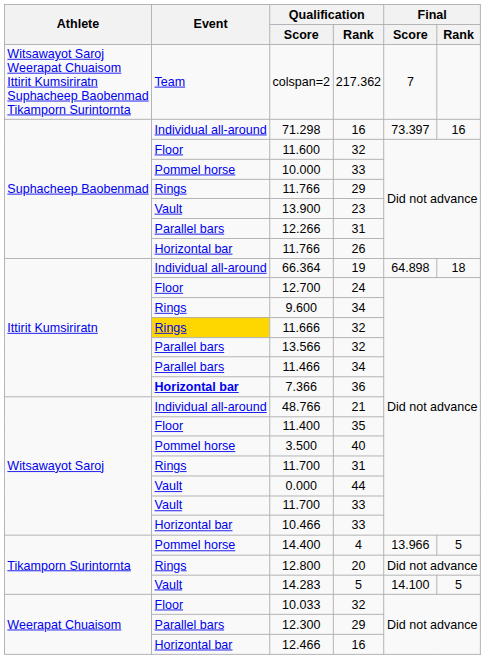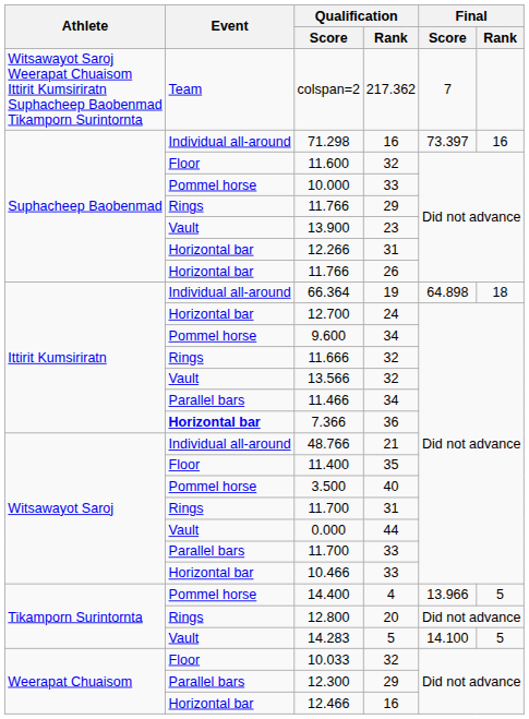 <table class="wikitable" style="text-align:center; font-size:90%">
 <tr>
 <th rowspan="2">Athlete</th>
 <th rowspan="2">Event</th>
 <th colspan="2">Qualification</th>
 <th colspan="2">Final</th>
 </tr>
 <tr>
 <th>Score</th>
 <th>Rank</th>
 <th>Score</th>
 <th>Rank</th>
 </tr>
 <tr>
 <td align="left"><a href='#'>Witsawayot Saroj</a><br><a href='#'>Weerapat Chuaisom</a><br><a href='#'>Ittirit Kumsiriratn</a><br><a href='#'>Suphacheep Baobenmad</a><br><a href='#'>Tikamporn Surintornta</a></td>
 <td align="left"><a href='#'>Team</a></td>
 <td>colspan=2 </td>
 <td>217.362</td>
 <td>7</td>
 </tr>
 <tr>
 <td align="left" rowspan=7><a href='#'>Suphacheep Baobenmad</a></td>
 <td align="left"><a href='#'>Individual all-around</a></td>
 <td>71.298</td>
 <td>16 <strong></strong></td>
 <td>73.397</td>
 <td>16</td>
 </tr>
 <tr>
 <td align="left"><a href='#'>Floor</a></td>
 <td>11.600</td>
 <td>32</td>
 <td rowspan=6 colspan=2>Did not advance</td>
 </tr>
 <tr>
 <td align="left"><a href='#'>Pommel horse</a></td>
 <td>10.000</td>
 <td>33</td>
 </tr>
 <tr>
 <td align="left"><a href='#'>Rings</a></td>
 <td>11.766</td>
 <td>29</td>
 </tr>
 <tr>
 <td align="left"><a href='#'>Vault</a></td>
 <td>13.900</td>
 <td>23</td>
 </tr>
 <tr>
-<td align="left"><a href='#'>Parallel bars</a></td>
+<td align="left"><a href='#'>Horizontal bar</a></td>
 <td>12.266</td>
 <td>31</td>
 </tr>
 <tr>
 <td align="left"><a href='#'>Horizontal bar</a></td>
 <td>11.766</td>
 <td>26</td>
 </tr>
 <tr>
 <td align="left" rowspan=7><a href='#'>Ittirit Kumsiriratn</a></td>
 <td align="left"><a href='#'>Individual all-around</a></td>
 <td>66.364</td>
 <td>19 <strong></strong></td>
 <td>64.898</td>
 <td>18</td>
 </tr>
 <tr>
-<td align="left"><a href='#'>Floor</a></td>
+<td align="left"><a href='#'>Horizontal bar</a></td>
 <td>12.700</td>
 <td>24</td>
 <td rowspan=13 colspan=2>Did not advance</td>
 </tr>
 <tr>
-<td align="left"><a href='#'>Rings</a></td>
+<td align="left"><a href='#'>Pommel horse</a></td>
 <td>9.600</td>
 <td>34</td>
 </tr>
 <tr>
-<td align="left" style="background: gold;"><a href='#'>Rings</a></td>
+<td align="left"><a href='#'>Rings</a></td>
 <td>11.666</td>
 <td>32</td>
 </tr>
 <tr>
-<td align="left"><a href='#'>Parallel bars</a></td>
+<td align="left"><a href='#'>Vault</a></td>
 <td>13.566</td>
 <td>32</td>
 </tr>
 <tr>
 <td align="left"><a href='#'>Parallel bars</a></td>
 <td>11.466</td>
 <td>34</td>
 </tr>
 <tr>
 <td align="left"><strong><a href='#'>Horizontal bar</a></strong></td>
 <td>7.366</td>
 <td>36</td>
 </tr>
 <tr>
 <td align="left" rowspan=7><a href='#'>Witsawayot Saroj</a></td>
 <td align="left"><a href='#'>Individual all-around</a></td>
 <td>48.766</td>
 <td>21</td>
 </tr>
 <tr>
 <td align="left"><a href='#'>Floor</a></td>
 <td>11.400</td>
 <td>35</td>
 </tr>
 <tr>
 <td align="left"><a href='#'>Pommel horse</a></td>
 <td>3.500</td>
 <td>40</td>
 </tr>
 <tr>
 <td align="left"><a href='#'>Rings</a></td>
 <td>11.700</td>
 <td>31</td>
 </tr>
 <tr>
 <td align="left"><a href='#'>Vault</a></td>
 <td>0.000</td>
 <td>44</td>
 </tr>
 <tr>
-<td align="left"><a href='#'>Vault</a></td>
+<td align="left"><a href='#'>Parallel bars</a></td>
 <td>11.700</td>
 <td>33</td>
 </tr>
 <tr>
 <td align="left"><a href='#'>Horizontal bar</a></td>
 <td>10.466</td>
 <td>33</td>
 </tr>
 <tr>
 <td align="left" rowspan=3><a href='#'>Tikamporn Surintornta</a></td>
 <td align="left"><a href='#'>Pommel horse</a></td>
 <td>14.400</td>
 <td>4 <strong></strong></td>
 <td>13.966</td>
 <td>5</td>
 </tr>
 <tr>
 <td align="left"><a href='#'>Rings</a></td>
 <td>12.800</td>
 <td>20</td>
 <td colspan=2>Did not advance</td>
 </tr>
 <tr>
 <td align="left"><a href='#'>Vault</a></td>
 <td>14.283</td>
 <td>5 <strong></strong></td>
 <td>14.100</td>
 <td>5</td>
 </tr>
 <tr>
 <td align="left" rowspan=3><a href='#'>Weerapat Chuaisom</a></td>
 <td align="left"><a href='#'>Floor</a></td>
 <td>10.033</td>
 <td>32</td>
 <td rowspan=3 colspan=2>Did not advance</td>
 </tr>
 <tr>
 <td align="left"><a href='#'>Parallel bars</a></td>
 <td>12.300</td>
 <td>29</td>
 </tr>
 <tr>
 <td align="left"><a href='#'>Horizontal bar</a></td>
 <td>12.466</td>
 <td>16</td>
 </tr>
 </table>
